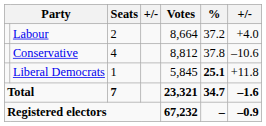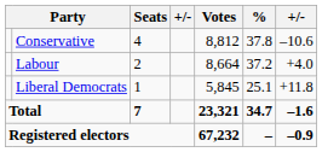 <table class="wikitable sortable">
 <tr>
 <th colspan="2">Party</th>
 <th>Seats</th>
 <th>+/-</th>
 <th>Votes</th>
 <th>%</th>
 <th>+/-</th>
+</tr>
+<tr>
+<td style="background-color: "></td>
+<td><a href='#'>Conservative</a></td>
+<td>4</td>
+<td></td>
+<td style="text-align:right;">8,812</td>
+<td style="text-align:right;">37.8</td>
+<td style="text-align:right;">–10.6</td>
 </tr>
 <tr>
 <td style="background-color: "></td>
 <td><a href='#'>Labour</a></td>
 <td>2</td>
 <td></td>
 <td style="text-align:right;">8,664</td>
 <td style="text-align:right;">37.2</td>
 <td style="text-align:right;">+4.0</td>
 </tr>
 <tr>
 <td style="background-color: "></td>
-<td><a href='#'>Conservative</a></td>
-<td>4</td>
-<td></td>
-<td style="text-align:right;">8,812</td>
-<td style="text-align:right;">37.8</td>
-<td style="text-align:right;">–10.6</td>
-</tr>
-<tr>
-<td style="background-color: "></td>
 <td><a href='#'>Liberal Democrats</a></td>
 <td>1</td>
 <td></td>
 <td style="text-align:right;">5,845</td>
-<td style="text-align:right;"><strong>25.1</strong></td>
+<td style="text-align:right;">25.1</td>
 <td style="text-align:right;">+11.8</td>
 </tr>
 <tr>
 <td colspan="2"><strong>Total</strong></td>
 <td><strong>7</strong></td>
 <td></td>
 <td style="text-align:right;"><strong>23,321</strong></td>
 <td style="text-align:right;"><strong>34.7</strong></td>
 <td style="text-align:right;"><strong>–1.6</strong></td>
 </tr>
 <tr>
 <td colspan="4"><strong>Registered electors</strong></td>
 <td style="text-align:right;"><strong>67,232</strong></td>
 <td style="text-align:right;"><strong>–</strong></td>
 <td style="text-align:right;"><strong>–0.9</strong></td>
 </tr>
 </table>
